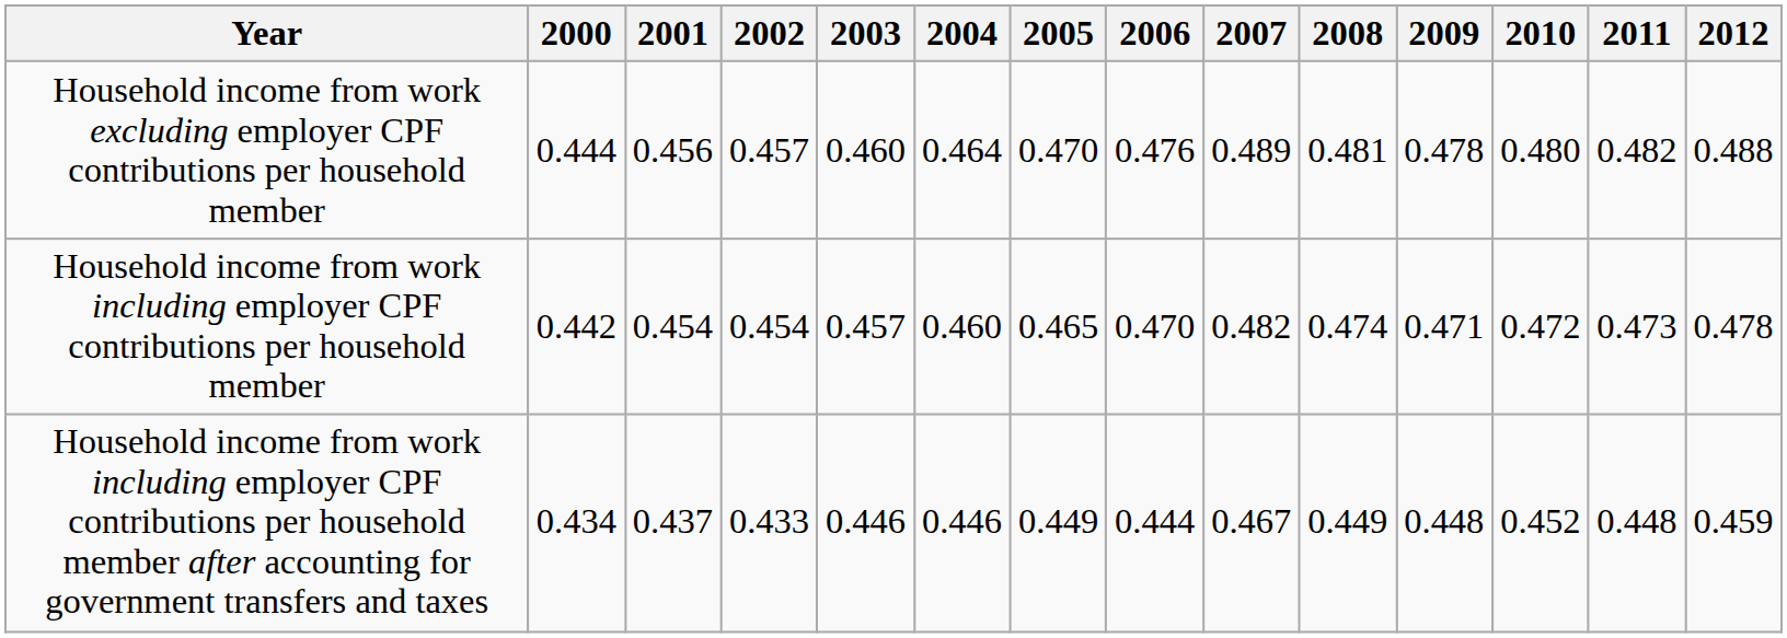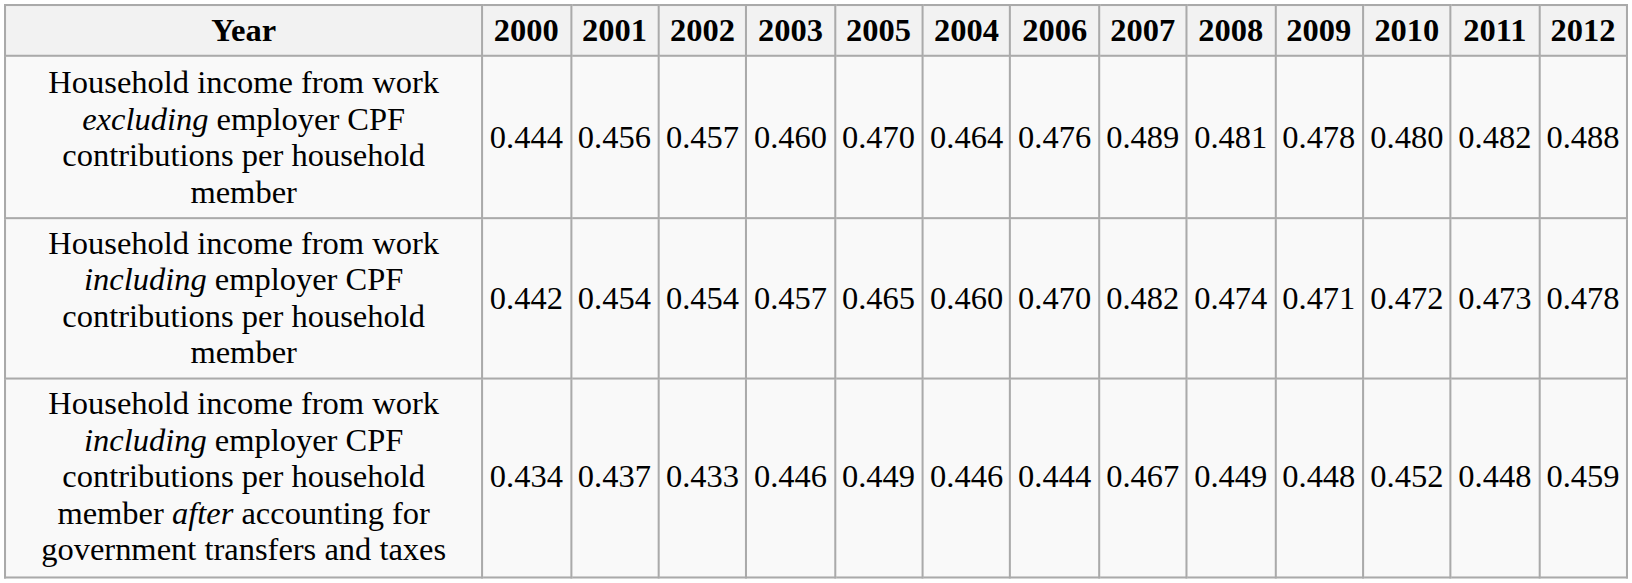 <table class="wikitable" style="text-align:center; width:800px;">
 <tr>
 <th>Year</th>
 <th>2000</th>
 <th>2001</th>
 <th>2002</th>
 <th>2003</th>
+<th>2005</th>
 <th>2004</th>
-<th>2005</th>
 <th>2006</th>
 <th>2007</th>
 <th>2008</th>
 <th>2009</th>
 <th>2010</th>
 <th>2011</th>
 <th>2012</th>
 </tr>
 <tr>
 <td>Household income from work <em>excluding</em> employer CPF contributions per household member</td>
 <td>0.444</td>
 <td>0.456</td>
 <td>0.457</td>
 <td>0.460</td>
+<td>0.470</td>
 <td>0.464</td>
-<td>0.470</td>
 <td>0.476</td>
 <td>0.489</td>
 <td>0.481</td>
 <td>0.478</td>
 <td>0.480</td>
 <td>0.482</td>
 <td>0.488</td>
 </tr>
 <tr>
 <td>Household income from work <em>including</em> employer CPF contributions per household member</td>
 <td>0.442</td>
 <td>0.454</td>
 <td>0.454</td>
 <td>0.457</td>
+<td>0.465</td>
 <td>0.460</td>
-<td>0.465</td>
 <td>0.470</td>
 <td>0.482</td>
 <td>0.474</td>
 <td>0.471</td>
 <td>0.472</td>
 <td>0.473</td>
 <td>0.478</td>
 </tr>
 <tr>
 <td>Household income from work <em>including</em> employer CPF contributions per household member <em>after</em> accounting for government transfers and taxes</td>
 <td>0.434</td>
 <td>0.437</td>
 <td>0.433</td>
 <td>0.446</td>
+<td>0.449</td>
 <td>0.446</td>
-<td>0.449</td>
 <td>0.444</td>
 <td>0.467</td>
 <td>0.449</td>
 <td>0.448</td>
 <td>0.452</td>
 <td>0.448</td>
 <td>0.459</td>
 </tr>
 </table>
